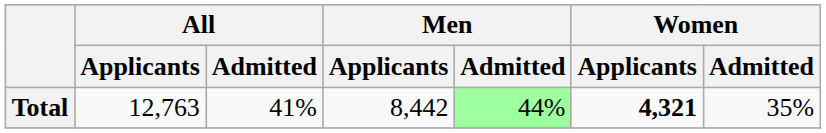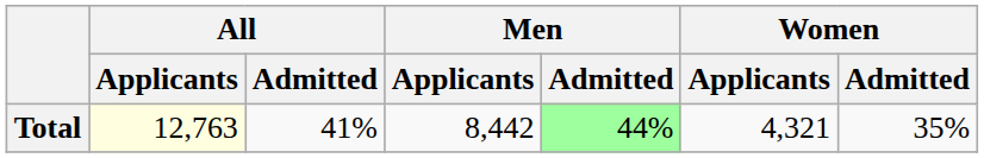 <table class="wikitable" style="margin-left:auto; margin-right:auto; border:none; text-align:right;">
 <tr>
 <th rowspan="2"></th>
 <th colspan="2">All</th>
 <th colspan="2">Men</th>
 <th colspan="2">Women</th>
 </tr>
 <tr>
 <th>Applicants</th>
 <th>Admitted</th>
 <th>Applicants</th>
 <th>Admitted</th>
 <th>Applicants</th>
 <th>Admitted</th>
 </tr>
 <tr>
 <th>Total</th>
-<td>12,763</td>
+<td style="background: lightyellow;">12,763</td>
 <td>41%</td>
 <td>8,442</td>
 <td style="background: #9EFF9E;">44%</td>
-<td><strong>4,321</strong></td>
+<td>4,321</td>
 <td>35%</td>
 </tr>
 </table>
